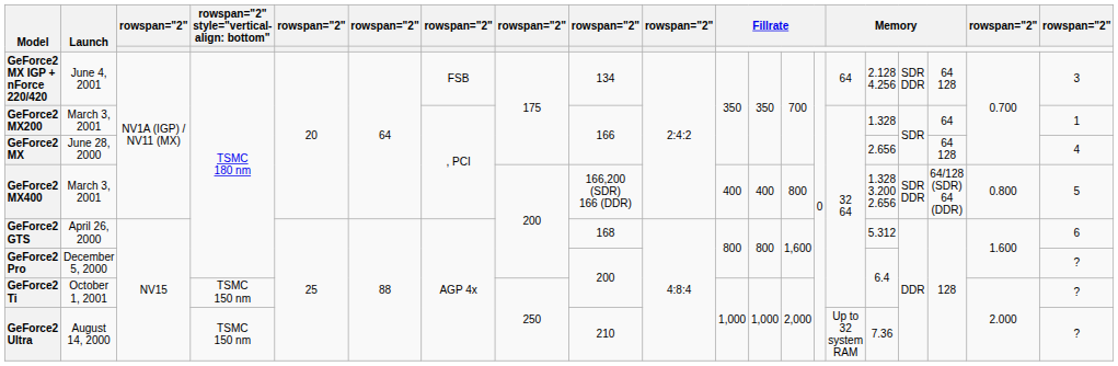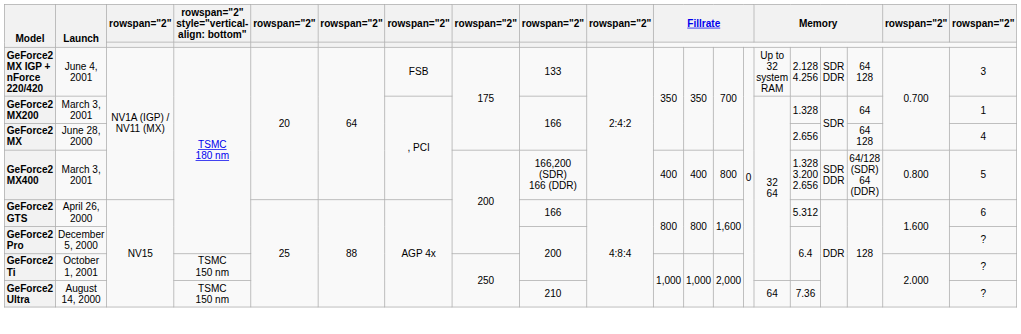 <table class="mw-datatable wikitable sortable" style="font-size:85%; text-align:center;">
 <tr>
 <th rowspan="2" style="vertical-align: bottom">Model</th>
 <th rowspan="2" style="vertical-align: bottom">Launch</th>
 <th>rowspan="2" </th>
 <th>rowspan="2" style="vertical-align: bottom" </th>
 <th>rowspan="2" </th>
 <th>rowspan="2" </th>
 <th>rowspan="2" </th>
 <th>rowspan="2" </th>
 <th>rowspan="2" </th>
 <th>rowspan="2" </th>
 <th colspan="4"><a href='#'>Fillrate</a></th>
 <th colspan="4">Memory</th>
 <th>rowspan="2" </th>
 <th>rowspan="2" </th>
 </tr>
 <tr>
 <th></th>
 <th></th>
 <th></th>
 <th></th>
 <th></th>
 <th></th>
 <th></th>
 <th></th>
 </tr>
 <tr>
 <th style="text-align:left">GeForce2 MX IGP + nForce 220/420</th>
 <td>June 4, 2001</td>
 <td rowspan="4">NV1A (IGP) / NV11 (MX)</td>
 <td rowspan="6"><a href='#'>TSMC</a><br><a href='#'>180&nbsp;nm</a></td>
 <td rowspan="4">20</td>
 <td rowspan="4">64</td>
 <td>FSB</td>
 <td rowspan="3">175</td>
-<td>134</td>
+<td>133</td>
 <td rowspan="4">2:4:2</td>
 <td rowspan="3">350</td>
 <td rowspan="3">350</td>
 <td rowspan="3">700</td>
 <td rowspan="8">0</td>
-<td>64</td>
+<td>Up to 32 system RAM</td>
 <td>2.128<br>4.256</td>
 <td>SDR<br>DDR</td>
 <td>64<br>128</td>
 <td rowspan="3">0.700</td>
 <td>3</td>
 </tr>
 <tr>
 <th style="text-align:left">GeForce2 MX200</th>
 <td>March 3, 2001</td>
 <td rowspan="3">, PCI</td>
 <td rowspan="2">166</td>
 <td rowspan="6">32<br>64</td>
 <td>1.328</td>
 <td rowspan="2">SDR</td>
 <td>64</td>
 <td>1</td>
 </tr>
 <tr>
 <th style="text-align:left">GeForce2 MX</th>
 <td>June 28, 2000</td>
 <td>2.656</td>
 <td>64<br>128</td>
 <td>4</td>
 </tr>
 <tr>
 <th style="text-align:left">GeForce2 MX400</th>
 <td>March 3, 2001</td>
 <td rowspan="3">200</td>
 <td>166,200 (SDR)<br>166 (DDR)</td>
 <td>400</td>
 <td>400</td>
 <td>800</td>
 <td>1.328 3.200 2.656</td>
 <td>SDR<br>DDR</td>
 <td>64/128 (SDR)<br>64 (DDR)</td>
 <td>0.800</td>
 <td>5</td>
 </tr>
 <tr>
 <th style="text-align:left">GeForce2 GTS</th>
 <td>April 26, 2000</td>
 <td rowspan="4">NV15</td>
 <td rowspan="4">25</td>
 <td rowspan="4">88</td>
 <td rowspan="4">AGP 4x</td>
-<td>168</td>
+<td>166</td>
 <td rowspan="4">4:8:4</td>
 <td rowspan="2">800</td>
 <td rowspan="2">800</td>
 <td rowspan="2">1,600</td>
 <td>5.312</td>
 <td rowspan="4">DDR</td>
 <td rowspan="4">128</td>
 <td rowspan="2">1.600</td>
 <td>6</td>
 </tr>
 <tr>
 <th style="text-align:left">GeForce2 Pro</th>
 <td>December 5, 2000</td>
 <td rowspan="2">200</td>
 <td rowspan="2">6.4</td>
 <td>?</td>
 </tr>
 <tr>
 <th style="text-align:left">GeForce2 Ti</th>
 <td>October 1, 2001</td>
 <td>TSMC<br>150 nm</td>
 <td rowspan="2">250</td>
 <td rowspan="2">1,000</td>
 <td rowspan="2">1,000</td>
 <td rowspan="2">2,000</td>
 <td rowspan="2">2.000</td>
 <td>?</td>
 </tr>
 <tr>
 <th style="text-align:left">GeForce2 Ultra</th>
 <td>August 14, 2000</td>
 <td>TSMC<br>150 nm</td>
 <td>210</td>
-<td>Up to 32 system RAM</td>
+<td>64</td>
 <td>7.36</td>
 <td>?</td>
 </tr>
 </table>
